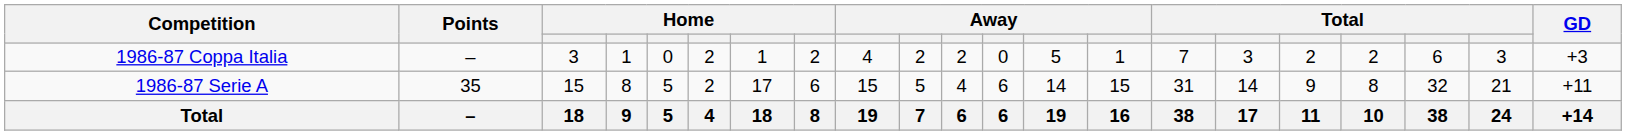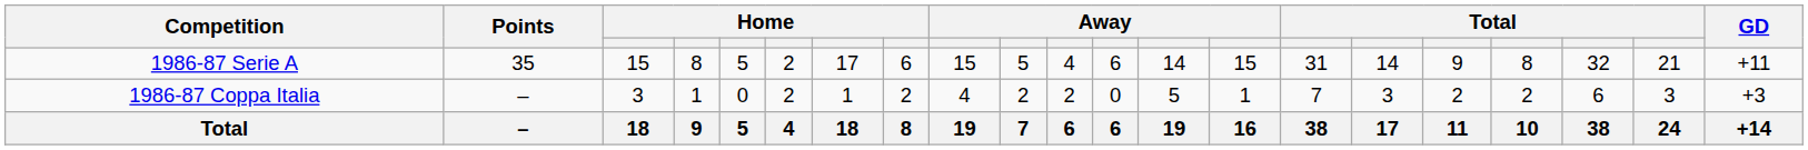 <table class="wikitable" style="font-size:90%;width:100%;margin:auto;clear:both;text-align:center;">
 <tr>
 <th rowspan="2">Competition</th>
 <th rowspan="2">Points</th>
 <th colspan="6">Home</th>
 <th colspan="6">Away</th>
 <th colspan="6">Total</th>
 <th rowspan="2"><a href='#'>GD</a></th>
 </tr>
 <tr>
 <th></th>
 <th></th>
 <th></th>
 <th></th>
 <th></th>
 <th></th>
 <th></th>
 <th></th>
 <th></th>
 <th></th>
 <th></th>
 <th></th>
 <th></th>
 <th></th>
 <th></th>
 <th></th>
 <th></th>
 <th></th>
 </tr>
 <tr>
+<td><a href='#'>1986-87 Serie A</a></td>
+<td>35</td>
+<td>15</td>
+<td>8</td>
+<td>5</td>
+<td>2</td>
+<td>17</td>
+<td>6</td>
+<td>15</td>
+<td>5</td>
+<td>4</td>
+<td>6</td>
+<td>14</td>
+<td>15</td>
+<td>31</td>
+<td>14</td>
+<td>9</td>
+<td>8</td>
+<td>32</td>
+<td>21</td>
+<td>+11</td>
+</tr>
+<tr>
 <td> <a href='#'>1986-87 Coppa Italia</a></td>
 <td>–</td>
 <td>3</td>
 <td>1</td>
 <td>0</td>
 <td>2</td>
 <td>1</td>
 <td>2</td>
 <td>4</td>
 <td>2</td>
 <td>2</td>
 <td>0</td>
 <td>5</td>
 <td>1</td>
 <td>7</td>
 <td>3</td>
 <td>2</td>
 <td>2</td>
 <td>6</td>
 <td>3</td>
 <td>+3</td>
-</tr>
-<tr>
-<td><a href='#'>1986-87 Serie A</a></td>
-<td>35</td>
-<td>15</td>
-<td>8</td>
-<td>5</td>
-<td>2</td>
-<td>17</td>
-<td>6</td>
-<td>15</td>
-<td>5</td>
-<td>4</td>
-<td>6</td>
-<td>14</td>
-<td>15</td>
-<td>31</td>
-<td>14</td>
-<td>9</td>
-<td>8</td>
-<td>32</td>
-<td>21</td>
-<td>+11</td>
 </tr>
 <tr>
 <th>Total</th>
 <th>–</th>
 <th>18</th>
 <th>9</th>
 <th>5</th>
 <th>4</th>
 <th>18</th>
 <th>8</th>
 <th>19</th>
 <th>7</th>
 <th>6</th>
 <th>6</th>
 <th>19</th>
 <th>16</th>
 <th>38</th>
 <th>17</th>
 <th>11</th>
 <th>10</th>
 <th>38</th>
 <th>24</th>
 <th>+14</th>
 </tr>
 </table>
